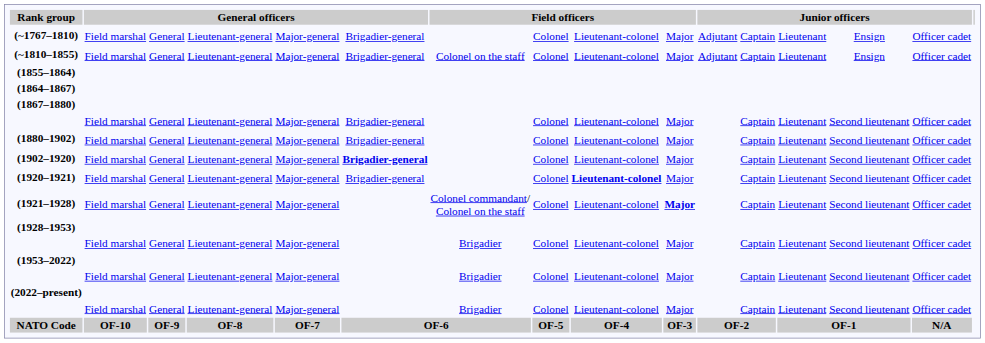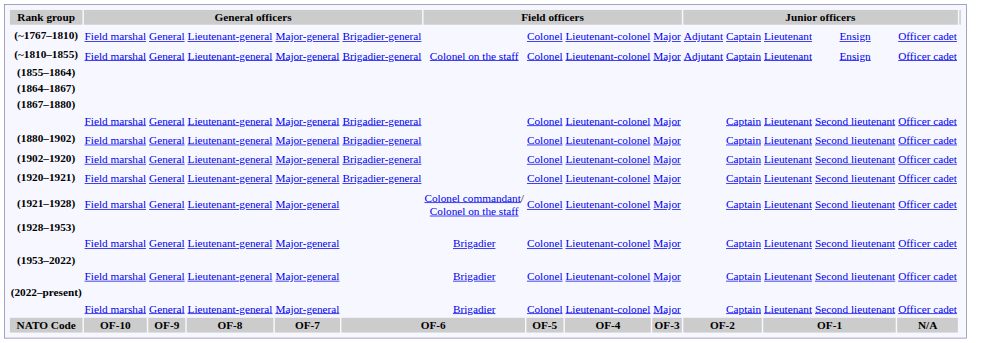 <table style="border:1px solid #8888aa; background-color:#f7f8ff; padding:5px; font-size:95%; margin: 0px 12px 12px 0px;">
 <tr style="background-color:#CCCCCC;">
 <th>Rank group</th>
 <th colspan=5>General officers</th>
 <th colspan=4>Field officers</th>
 <th colspan=5>Junior officers</th>
 <th></th>
 </tr>
 <tr style="text-align:center;">
 <th rowspan=2>(~1767–1810)</th>
 <td></td>
 <td></td>
 <td></td>
 <td></td>
 <td></td>
 <td></td>
 <td></td>
 <td></td>
 <td></td>
 <td></td>
 <td></td>
 <td></td>
 <td></td>
 <td></td>
 </tr>
 <tr style="text-align:center;">
 <td><a href='#'>Field marshal</a></td>
 <td><a href='#'>General</a></td>
 <td><a href='#'>Lieutenant-general</a></td>
 <td><a href='#'>Major-general</a></td>
 <td><a href='#'>Brigadier-general</a></td>
 <td></td>
 <td><a href='#'>Colonel</a></td>
 <td><a href='#'>Lieutenant-colonel</a></td>
 <td><a href='#'>Major</a></td>
 <td><a href='#'>Adjutant</a></td>
 <td><a href='#'>Captain</a></td>
 <td><a href='#'>Lieutenant</a></td>
 <td><a href='#'>Ensign</a></td>
 <td><a href='#'>Officer cadet</a></td>
 </tr>
 <tr style="text-align:center;">
 <th rowspan=2>(~1810–1855)</th>
 <td></td>
 <td></td>
 <td></td>
 <td></td>
 <td></td>
 <td></td>
 <td></td>
 <td></td>
 <td></td>
 <td></td>
 <td></td>
 <td></td>
 <td></td>
 <td></td>
 </tr>
 <tr style="text-align:center;">
 <td><a href='#'>Field marshal</a></td>
 <td><a href='#'>General</a></td>
 <td><a href='#'>Lieutenant-general</a></td>
 <td><a href='#'>Major-general</a></td>
 <td><a href='#'>Brigadier-general</a></td>
 <td><a href='#'>Colonel on the staff</a></td>
 <td><a href='#'>Colonel</a></td>
 <td><a href='#'>Lieutenant-colonel</a></td>
 <td><a href='#'>Major</a></td>
 <td><a href='#'>Adjutant</a></td>
 <td><a href='#'>Captain</a></td>
 <td><a href='#'>Lieutenant</a></td>
 <td><a href='#'>Ensign</a></td>
 <td><a href='#'>Officer cadet</a></td>
 </tr>
 <tr style="text-align:center;">
 <th rowspan=1>(1855–1864)</th>
 <td></td>
 <td></td>
 <td></td>
 <td></td>
 <td></td>
 <td></td>
 <td></td>
 <td></td>
 <td></td>
 <td></td>
 <td></td>
 <td></td>
 <td></td>
 <td></td>
 </tr>
 <tr style="text-align:center;">
 <th rowspan=1>(1864–1867)</th>
 <td></td>
 <td></td>
 <td></td>
 <td></td>
 <td></td>
 <td></td>
 <td></td>
 <td></td>
 <td></td>
 <td></td>
 <td></td>
 <td></td>
 <td></td>
 <td></td>
 </tr>
 <tr style="text-align:center;">
 <th rowspan=1>(1867–1880)</th>
 <td></td>
 <td></td>
 <td></td>
 <td></td>
 <td></td>
 <td></td>
 <td></td>
 <td></td>
 <td></td>
 <td></td>
 <td></td>
 <td></td>
 <td></td>
 <td></td>
 </tr>
 <tr style="text-align:center;">
 <th rowspan=1></th>
 <td><a href='#'>Field marshal</a></td>
 <td><a href='#'>General</a></td>
 <td><a href='#'>Lieutenant-general</a></td>
 <td><a href='#'>Major-general</a></td>
 <td><a href='#'>Brigadier-general</a></td>
 <td></td>
 <td><a href='#'>Colonel</a></td>
 <td><a href='#'>Lieutenant-colonel</a></td>
 <td><a href='#'>Major</a></td>
 <td></td>
 <td><a href='#'>Captain</a></td>
 <td><a href='#'>Lieutenant</a></td>
 <td><a href='#'>Second lieutenant</a></td>
 <td><a href='#'>Officer cadet</a></td>
 </tr>
 <tr style="text-align:center;">
 <th rowspan=2>(1880–1902)</th>
 <td></td>
 <td></td>
 <td></td>
 <td></td>
 <td></td>
 <td></td>
 <td></td>
 <td></td>
 <td></td>
 <td></td>
 <td></td>
 <td></td>
 <td></td>
 <td></td>
 </tr>
 <tr style="text-align:center;">
 <td><a href='#'>Field marshal</a></td>
 <td><a href='#'>General</a></td>
 <td><a href='#'>Lieutenant-general</a></td>
 <td><a href='#'>Major-general</a></td>
 <td><a href='#'>Brigadier-general</a></td>
 <td></td>
 <td><a href='#'>Colonel</a></td>
 <td><a href='#'>Lieutenant-colonel</a></td>
 <td><a href='#'>Major</a></td>
 <td></td>
 <td><a href='#'>Captain</a></td>
 <td><a href='#'>Lieutenant</a></td>
 <td><a href='#'>Second lieutenant</a></td>
 <td><a href='#'>Officer cadet</a></td>
 </tr>
 <tr style="text-align:center;">
 <th rowspan=2>(1902–1920)</th>
 <td></td>
 <td></td>
 <td></td>
 <td></td>
 <td></td>
 <td></td>
 <td></td>
 <td></td>
 <td></td>
 <td></td>
 <td></td>
 <td></td>
 <td></td>
 <td></td>
 </tr>
 <tr style="text-align:center;">
 <td><a href='#'>Field marshal</a></td>
 <td><a href='#'>General</a></td>
 <td><a href='#'>Lieutenant-general</a></td>
 <td><a href='#'>Major-general</a></td>
-<td><strong><a href='#'>Brigadier-general</a></strong></td>
+<td><a href='#'>Brigadier-general</a></td>
 <td></td>
 <td><a href='#'>Colonel</a></td>
 <td><a href='#'>Lieutenant-colonel</a></td>
 <td><a href='#'>Major</a></td>
 <td></td>
 <td><a href='#'>Captain</a></td>
 <td><a href='#'>Lieutenant</a></td>
 <td><a href='#'>Second lieutenant</a></td>
 <td><a href='#'>Officer cadet</a></td>
 </tr>
 <tr style="text-align:center;">
 <th rowspan=2>(1920–1921)</th>
 <td></td>
 <td></td>
 <td></td>
 <td></td>
 <td></td>
 <td></td>
 <td></td>
 <td></td>
 <td></td>
 <td></td>
 <td></td>
 <td></td>
 <td></td>
 <td></td>
 </tr>
 <tr style="text-align:center;">
 <td><a href='#'>Field marshal</a></td>
 <td><a href='#'>General</a></td>
 <td><a href='#'>Lieutenant-general</a></td>
 <td><a href='#'>Major-general</a></td>
 <td><a href='#'>Brigadier-general</a></td>
 <td></td>
 <td><a href='#'>Colonel</a></td>
-<td><strong><a href='#'>Lieutenant-colonel</a></strong></td>
+<td><a href='#'>Lieutenant-colonel</a></td>
 <td><a href='#'>Major</a></td>
 <td></td>
 <td><a href='#'>Captain</a></td>
 <td><a href='#'>Lieutenant</a></td>
 <td><a href='#'>Second lieutenant</a></td>
 <td><a href='#'>Officer cadet</a></td>
 </tr>
 <tr style="text-align:center;">
 <th rowspan=2>(1921–1928)</th>
 <td></td>
 <td></td>
 <td></td>
 <td></td>
 <td></td>
 <td></td>
 <td></td>
 <td></td>
 <td></td>
 <td></td>
 <td></td>
 <td></td>
 <td></td>
 <td></td>
 </tr>
 <tr style="text-align:center;">
 <td><a href='#'>Field marshal</a></td>
 <td><a href='#'>General</a></td>
 <td><a href='#'>Lieutenant-general</a></td>
 <td><a href='#'>Major-general</a></td>
 <td></td>
 <td><a href='#'>Colonel commandant</a>/<br><a href='#'>Colonel on the staff</a></td>
 <td><a href='#'>Colonel</a></td>
 <td><a href='#'>Lieutenant-colonel</a></td>
-<td><strong><a href='#'>Major</a></strong></td>
+<td><a href='#'>Major</a></td>
 <td></td>
 <td><a href='#'>Captain</a></td>
 <td><a href='#'>Lieutenant</a></td>
 <td><a href='#'>Second lieutenant</a></td>
 <td><a href='#'>Officer cadet</a></td>
 </tr>
 <tr style="text-align:center;">
 <th>(1928–1953)</th>
 <td></td>
 <td></td>
 <td></td>
 <td></td>
 <td></td>
 <td></td>
 <td></td>
 <td></td>
 <td></td>
 <td></td>
 <td></td>
 <td></td>
 <td></td>
 <td></td>
 </tr>
 <tr style="text-align:center;">
 <td></td>
 <td><a href='#'>Field marshal</a></td>
 <td><a href='#'>General</a></td>
 <td><a href='#'>Lieutenant-general</a></td>
 <td><a href='#'>Major-general</a></td>
 <td></td>
 <td><a href='#'>Brigadier</a></td>
 <td><a href='#'>Colonel</a></td>
 <td><a href='#'>Lieutenant-colonel</a></td>
 <td><a href='#'>Major</a></td>
 <td></td>
 <td><a href='#'>Captain</a></td>
 <td><a href='#'>Lieutenant</a></td>
 <td><a href='#'>Second lieutenant</a></td>
 <td><a href='#'>Officer cadet</a></td>
 </tr>
 <tr style="text-align:center;">
 <th>(1953–2022)</th>
 <td></td>
 <td></td>
 <td></td>
 <td></td>
 <td></td>
 <td></td>
 <td></td>
 <td></td>
 <td></td>
 <td></td>
 <td></td>
 <td></td>
 <td></td>
 <td></td>
 </tr>
 <tr style="text-align:center;">
 <td></td>
 <td><a href='#'>Field marshal</a></td>
 <td><a href='#'>General</a></td>
 <td><a href='#'>Lieutenant-general</a></td>
 <td><a href='#'>Major-general</a></td>
 <td></td>
 <td><a href='#'>Brigadier</a></td>
 <td><a href='#'>Colonel</a></td>
 <td><a href='#'>Lieutenant-colonel</a></td>
 <td><a href='#'>Major</a></td>
 <td></td>
 <td><a href='#'>Captain</a></td>
 <td><a href='#'>Lieutenant</a></td>
 <td><a href='#'>Second lieutenant</a></td>
 <td><a href='#'>Officer cadet</a></td>
 </tr>
 <tr style="text-align:center;">
 <th>(2022–present)</th>
 <td></td>
 <td></td>
 <td></td>
 <td></td>
 <td></td>
 <td></td>
 <td></td>
 <td></td>
 <td></td>
 <td></td>
 <td></td>
 <td></td>
 <td></td>
 <td></td>
 </tr>
 <tr style="text-align:center;">
 <td></td>
 <td><a href='#'>Field marshal</a></td>
 <td><a href='#'>General</a></td>
 <td><a href='#'>Lieutenant-general</a></td>
 <td><a href='#'>Major-general</a></td>
 <td></td>
 <td><a href='#'>Brigadier</a></td>
 <td><a href='#'>Colonel</a></td>
 <td><a href='#'>Lieutenant-colonel</a></td>
 <td><a href='#'>Major</a></td>
 <td></td>
 <td><a href='#'>Captain</a></td>
 <td><a href='#'>Lieutenant</a></td>
 <td><a href='#'>Second lieutenant</a></td>
 <td><a href='#'>Officer cadet</a></td>
 </tr>
 <tr style="background-color:#CCCCCC; text-align:center;">
 <th>NATO Code</th>
 <th>OF-10</th>
 <th>OF-9</th>
 <th>OF-8</th>
 <th>OF-7</th>
 <th colspan=2>OF-6</th>
 <th>OF-5</th>
 <th>OF-4</th>
 <th>OF-3</th>
 <th colspan=2>OF-2</th>
 <th colspan=2>OF-1</th>
 <th>N/A</th>
 </tr>
 </table>
